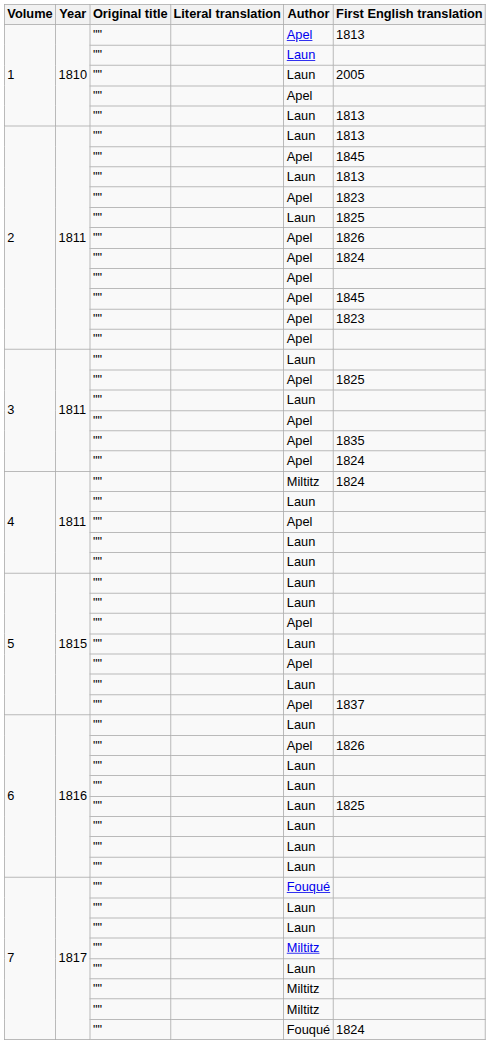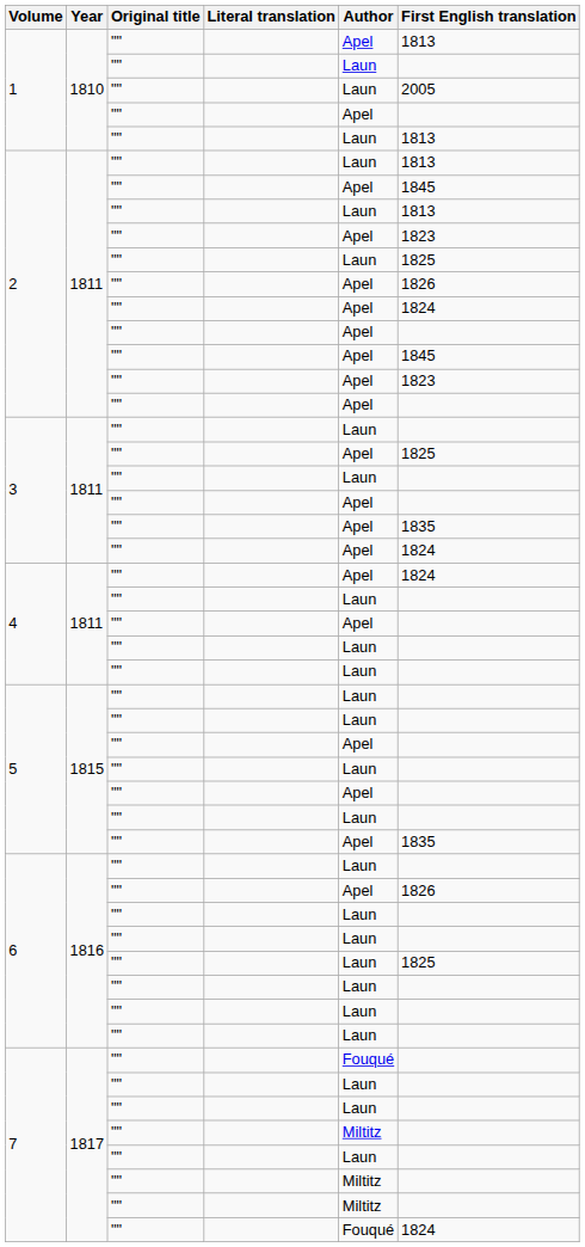 <table class="wikitable">
 <tr>
 <th>Volume</th>
 <th>Year</th>
 <th>Original title</th>
 <th>Literal translation</th>
 <th>Author</th>
 <th>First English translation</th>
 </tr>
 <tr>
 <td rowspan=5>1</td>
 <td rowspan=5>1810</td>
 <td>""</td>
 <td></td>
 <td><a href='#'>Apel</a></td>
 <td>1813</td>
 </tr>
 <tr>
 <td>""</td>
 <td></td>
 <td><a href='#'>Laun</a></td>
 <td></td>
 </tr>
 <tr>
 <td>""</td>
 <td></td>
 <td>Laun</td>
 <td>2005</td>
 </tr>
 <tr>
 <td>""</td>
 <td></td>
 <td>Apel</td>
 <td></td>
 </tr>
 <tr>
 <td>""</td>
 <td></td>
 <td>Laun</td>
 <td>1813</td>
 </tr>
 <tr>
 <td rowspan=11>2</td>
 <td rowspan=11>1811</td>
 <td>""</td>
 <td></td>
 <td>Laun</td>
 <td>1813</td>
 </tr>
 <tr>
 <td>""</td>
 <td></td>
 <td>Apel</td>
 <td>1845</td>
 </tr>
 <tr>
 <td>""</td>
 <td></td>
 <td>Laun</td>
 <td>1813</td>
 </tr>
 <tr>
 <td>""</td>
 <td></td>
 <td>Apel</td>
 <td>1823</td>
 </tr>
 <tr>
 <td>""</td>
 <td></td>
 <td>Laun</td>
 <td>1825</td>
 </tr>
 <tr>
 <td>""</td>
 <td></td>
 <td>Apel</td>
 <td>1826</td>
 </tr>
 <tr>
 <td>""</td>
 <td></td>
 <td>Apel</td>
 <td>1824</td>
 </tr>
 <tr>
 <td>""</td>
 <td></td>
 <td>Apel</td>
 <td></td>
 </tr>
 <tr>
 <td>""</td>
 <td></td>
 <td>Apel</td>
 <td>1845</td>
 </tr>
 <tr>
 <td>""</td>
 <td></td>
 <td>Apel</td>
 <td>1823</td>
 </tr>
 <tr>
 <td>""</td>
 <td></td>
 <td>Apel</td>
 <td></td>
 </tr>
 <tr>
 <td rowspan=6>3</td>
 <td rowspan=6>1811</td>
 <td>""</td>
 <td></td>
 <td>Laun</td>
 <td></td>
 </tr>
 <tr>
 <td>""</td>
 <td></td>
 <td>Apel</td>
 <td>1825</td>
 </tr>
 <tr>
 <td>""</td>
 <td></td>
 <td>Laun</td>
 <td></td>
 </tr>
 <tr>
 <td>""</td>
 <td></td>
 <td>Apel</td>
 <td></td>
 </tr>
 <tr>
 <td>""</td>
 <td></td>
 <td>Apel</td>
 <td>1835</td>
 </tr>
 <tr>
 <td>""</td>
 <td></td>
 <td>Apel</td>
 <td>1824</td>
 </tr>
 <tr>
 <td rowspan=5>4</td>
 <td rowspan=5>1811</td>
 <td>""</td>
 <td></td>
-<td>Miltitz</td>
+<td>Apel</td>
 <td>1824</td>
 </tr>
 <tr>
 <td>""</td>
 <td></td>
 <td>Laun</td>
 <td></td>
 </tr>
 <tr>
 <td>""</td>
 <td></td>
 <td>Apel</td>
 <td></td>
 </tr>
 <tr>
 <td>""</td>
 <td></td>
 <td>Laun</td>
 <td></td>
 </tr>
 <tr>
 <td>""</td>
 <td></td>
 <td>Laun</td>
 <td></td>
 </tr>
 <tr>
 <td rowspan=7>5</td>
 <td rowspan=7>1815</td>
 <td>""</td>
 <td></td>
 <td>Laun</td>
 <td></td>
 </tr>
 <tr>
 <td>""</td>
 <td></td>
 <td>Laun</td>
 <td></td>
 </tr>
 <tr>
 <td>""</td>
 <td></td>
 <td>Apel</td>
 <td></td>
 </tr>
 <tr>
 <td>""</td>
 <td></td>
 <td>Laun</td>
 <td></td>
 </tr>
 <tr>
 <td>""</td>
 <td></td>
 <td>Apel</td>
 <td></td>
 </tr>
 <tr>
 <td>""</td>
 <td></td>
 <td>Laun</td>
 <td></td>
 </tr>
 <tr>
 <td>""</td>
 <td></td>
 <td>Apel</td>
-<td>1837</td>
+<td>1835</td>
 </tr>
 <tr>
 <td rowspan=8>6</td>
 <td rowspan=8>1816</td>
 <td>""</td>
 <td></td>
 <td>Laun</td>
 <td></td>
 </tr>
 <tr>
 <td>""</td>
 <td></td>
 <td>Apel</td>
 <td>1826</td>
 </tr>
 <tr>
 <td>""</td>
 <td></td>
 <td>Laun</td>
 <td></td>
 </tr>
 <tr>
 <td>""</td>
 <td></td>
 <td>Laun</td>
 <td></td>
 </tr>
 <tr>
 <td>""</td>
 <td></td>
 <td>Laun</td>
 <td>1825</td>
 </tr>
 <tr>
 <td>""</td>
 <td></td>
 <td>Laun</td>
 <td></td>
 </tr>
 <tr>
 <td>""</td>
 <td></td>
 <td>Laun</td>
 <td></td>
 </tr>
 <tr>
 <td>""</td>
 <td></td>
 <td>Laun</td>
 <td></td>
 </tr>
 <tr>
 <td rowspan=8>7</td>
 <td rowspan=8>1817</td>
 <td>""</td>
 <td></td>
 <td><a href='#'>Fouqué</a></td>
 <td></td>
 </tr>
 <tr>
 <td>""</td>
 <td></td>
 <td>Laun</td>
 <td></td>
 </tr>
 <tr>
 <td>""</td>
 <td></td>
 <td>Laun</td>
 <td></td>
 </tr>
 <tr>
 <td>""</td>
 <td></td>
 <td><a href='#'>Miltitz</a></td>
 <td></td>
 </tr>
 <tr>
 <td>""</td>
 <td></td>
 <td>Laun</td>
 <td></td>
 </tr>
 <tr>
 <td>""</td>
 <td></td>
 <td>Miltitz</td>
 <td></td>
 </tr>
 <tr>
 <td>""</td>
 <td></td>
 <td>Miltitz</td>
 <td></td>
 </tr>
 <tr>
 <td>""</td>
 <td></td>
 <td>Fouqué</td>
 <td>1824</td>
 </tr>
 </table>
